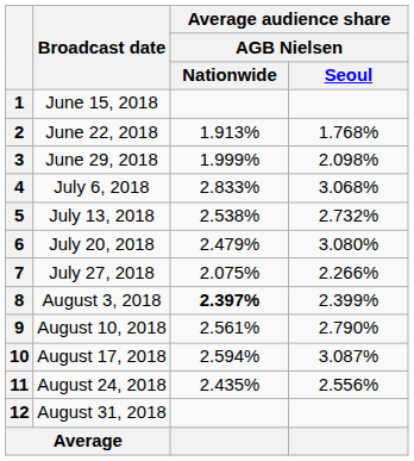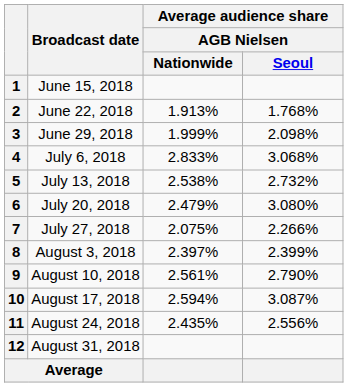 <table class=wikitable style="text-align:center">
 <tr>
 <th rowspan="3"></th>
 <th rowspan="3">Broadcast date</th>
 <th colspan="2">Average audience share</th>
 </tr>
 <tr>
 <th colspan="2">AGB Nielsen</th>
 </tr>
 <tr>
 <th width=100>Nationwide</th>
 <th width=100><a href='#'>Seoul</a></th>
 </tr>
 <tr>
 <th>1</th>
 <td>June 15, 2018</td>
 <td></td>
 <td></td>
 </tr>
 <tr>
 <th>2</th>
 <td>June 22, 2018</td>
 <td>1.913%</td>
 <td>1.768%</td>
 </tr>
 <tr>
 <th>3</th>
 <td>June 29, 2018</td>
 <td>1.999%</td>
 <td>2.098%</td>
 </tr>
 <tr>
 <th>4</th>
 <td>July 6, 2018</td>
 <td>2.833%</td>
 <td>3.068%</td>
 </tr>
 <tr>
 <th>5</th>
 <td>July 13, 2018</td>
 <td>2.538%</td>
 <td>2.732%</td>
 </tr>
 <tr>
 <th>6</th>
 <td>July 20, 2018</td>
 <td>2.479%</td>
 <td>3.080%</td>
 </tr>
 <tr>
 <th>7</th>
 <td>July 27, 2018</td>
 <td>2.075%</td>
 <td>2.266%</td>
 </tr>
 <tr>
 <th>8</th>
 <td>August 3, 2018</td>
-<td><strong>2.397%</strong></td>
+<td>2.397%</td>
 <td>2.399%</td>
 </tr>
 <tr>
 <th>9</th>
 <td>August 10, 2018</td>
 <td>2.561%</td>
 <td>2.790%</td>
 </tr>
 <tr>
 <th>10</th>
 <td>August 17, 2018</td>
 <td>2.594%</td>
 <td>3.087%</td>
 </tr>
 <tr>
 <th>11</th>
 <td>August 24, 2018</td>
 <td>2.435%</td>
 <td>2.556%</td>
 </tr>
 <tr>
 <th>12</th>
 <td>August 31, 2018</td>
 <td></td>
 <td></td>
 </tr>
 <tr>
 <th colspan="2">Average</th>
 <th></th>
 <th></th>
 </tr>
 </table>
